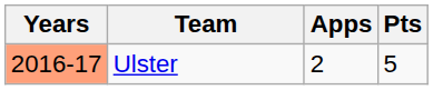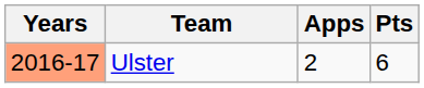 <table class="wikitable" style="text-align:left;">
 <tr>
 <th>Years</th>
 <th width=120px>Team</th>
 <th>Apps</th>
 <th>Pts</th>
 </tr>
 <tr>
 <td style="background: lightsalmon;">2016-17</td>
 <td><a href='#'>Ulster</a></td>
 <td>2</td>
-<td>5</td>
+<td>6</td>
 </tr>
 </table>
